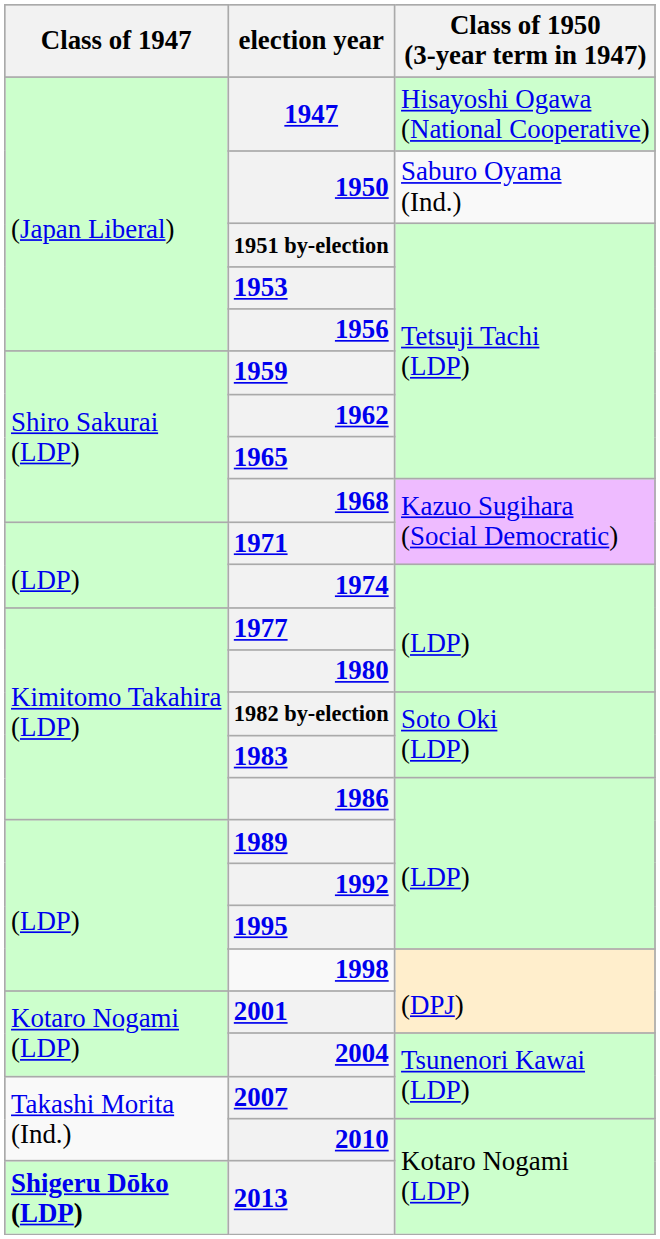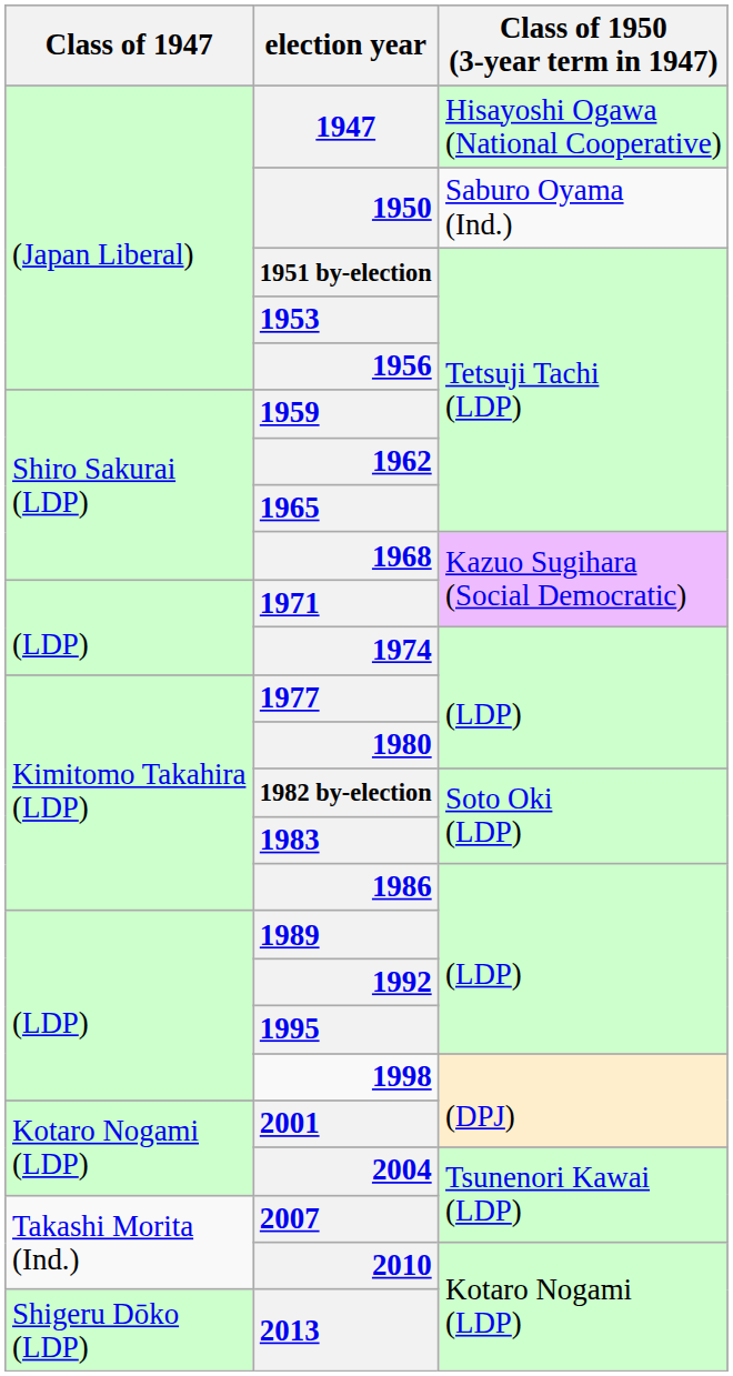 <table class="wikitable" border="1">
 <tr>
 <th>Class of 1947</th>
 <th>election year</th>
 <th>Class of 1950<br>(3-year term in 1947)</th>
 </tr>
 <tr>
 <td rowspan="5" bgcolor="#CCFFCC"><br>(<a href='#'>Japan Liberal</a>)</td>
 <th style="text-align: center"><a href='#'>1947</a></th>
 <td bgcolor="#CCFFCD"><a href='#'>Hisayoshi Ogawa</a><br>(<a href='#'>National Cooperative</a>)</td>
 </tr>
 <tr>
 <th style="text-align: right"><a href='#'>1950</a></th>
 <td><a href='#'>Saburo Oyama</a><br>(Ind.)</td>
 </tr>
 <tr>
 <th style="text-align: right"><small>1951 by-election</small></th>
 <td rowspan="6" bgcolor="#CCFFCC"><a href='#'>Tetsuji Tachi</a><br>(<a href='#'>LDP</a>)</td>
 </tr>
 <tr>
 <th style="text-align: left"><a href='#'>1953</a></th>
 </tr>
 <tr>
 <th style="text-align: right"><a href='#'>1956</a></th>
 </tr>
 <tr>
 <td rowspan="4" bgcolor="#CCFFCC"><a href='#'>Shiro Sakurai</a><br>(<a href='#'>LDP</a>)</td>
 <th style="text-align: left"><a href='#'>1959</a></th>
 </tr>
 <tr>
 <th style="text-align: right"><a href='#'>1962</a></th>
 </tr>
 <tr>
 <th style="text-align: left"><a href='#'>1965</a></th>
 </tr>
 <tr>
 <th style="text-align: right"><a href='#'>1968</a></th>
 <td rowspan="2" bgcolor="#EEBBFF"><a href='#'>Kazuo Sugihara</a><br>(<a href='#'>Social Democratic</a>)</td>
 </tr>
 <tr>
 <td rowspan="2" bgcolor="#CCFFCC"><br>(<a href='#'>LDP</a>)</td>
 <th style="text-align: left"><a href='#'>1971</a></th>
 </tr>
 <tr>
 <th style="text-align: right"><a href='#'>1974</a></th>
 <td rowspan="3" bgcolor="#CCFFCC"><br>(<a href='#'>LDP</a>)</td>
 </tr>
 <tr>
 <td rowspan="5" bgcolor="#CCFFCC"><a href='#'>Kimitomo Takahira</a><br>(<a href='#'>LDP</a>)</td>
 <th style="text-align: left"><a href='#'>1977</a></th>
 </tr>
 <tr>
 <th style="text-align: right"><a href='#'>1980</a></th>
 </tr>
 <tr>
 <th style="text-align: right"><small>1982 by-election</small></th>
 <td rowspan="2" bgcolor="#CCFFCC"><a href='#'>Soto Oki</a><br>(<a href='#'>LDP</a>)</td>
 </tr>
 <tr>
 <th style="text-align: left"><a href='#'>1983</a></th>
 </tr>
 <tr>
 <th style="text-align: right"><a href='#'>1986</a></th>
 <td rowspan="5" bgcolor="#CCFFCC"><br>(<a href='#'>LDP</a>)</td>
 </tr>
 <tr>
 <td rowspan="5" bgcolor="#CCFFCC"><br>(<a href='#'>LDP</a>)</td>
 <th style="text-align: left"><a href='#'>1989</a></th>
 </tr>
 <tr>
 <th style="text-align: right"><a href='#'>1992</a></th>
 </tr>
 <tr>
 <th style="text-align: left"><a href='#'>1995</a></th>
 </tr>
 <tr>
 <td rowspan="2" style="text-align: right"><strong><a href='#'>1998</a></strong></td>
 </tr>
 <tr>
 <td rowspan="2" bgcolor="#FFEECC"><br>(<a href='#'>DPJ</a>)</td>
 </tr>
 <tr>
 <td rowspan="2" bgcolor="#CCFFCC"><a href='#'>Kotaro Nogami</a><br>(<a href='#'>LDP</a>)</td>
 <th style="text-align: left"><a href='#'>2001</a></th>
 </tr>
 <tr>
 <th style="text-align: right"><a href='#'>2004</a></th>
 <td rowspan="2" bgcolor="#CCFFCC"><a href='#'>Tsunenori Kawai</a><br>(<a href='#'>LDP</a>)</td>
 </tr>
 <tr>
 <td rowspan="2"><a href='#'>Takashi Morita</a><br>(Ind.)</td>
 <th style="text-align: left"><a href='#'>2007</a></th>
 </tr>
 <tr>
 <th style="text-align: right"><a href='#'>2010</a></th>
 <td rowspan="2" bgcolor="#CCFFCC">Kotaro Nogami<br>(<a href='#'>LDP</a>)</td>
 </tr>
 <tr>
-<td bgcolor="#CCFFCC"><strong><a href='#'>Shigeru Dōko</a><br>(<a href='#'>LDP</a>)</strong></td>
+<td bgcolor="#CCFFCC"><a href='#'>Shigeru Dōko</a><br>(<a href='#'>LDP</a>)</td>
 <th style="text-align: left"><a href='#'>2013</a></th>
 </tr>
 </table>
